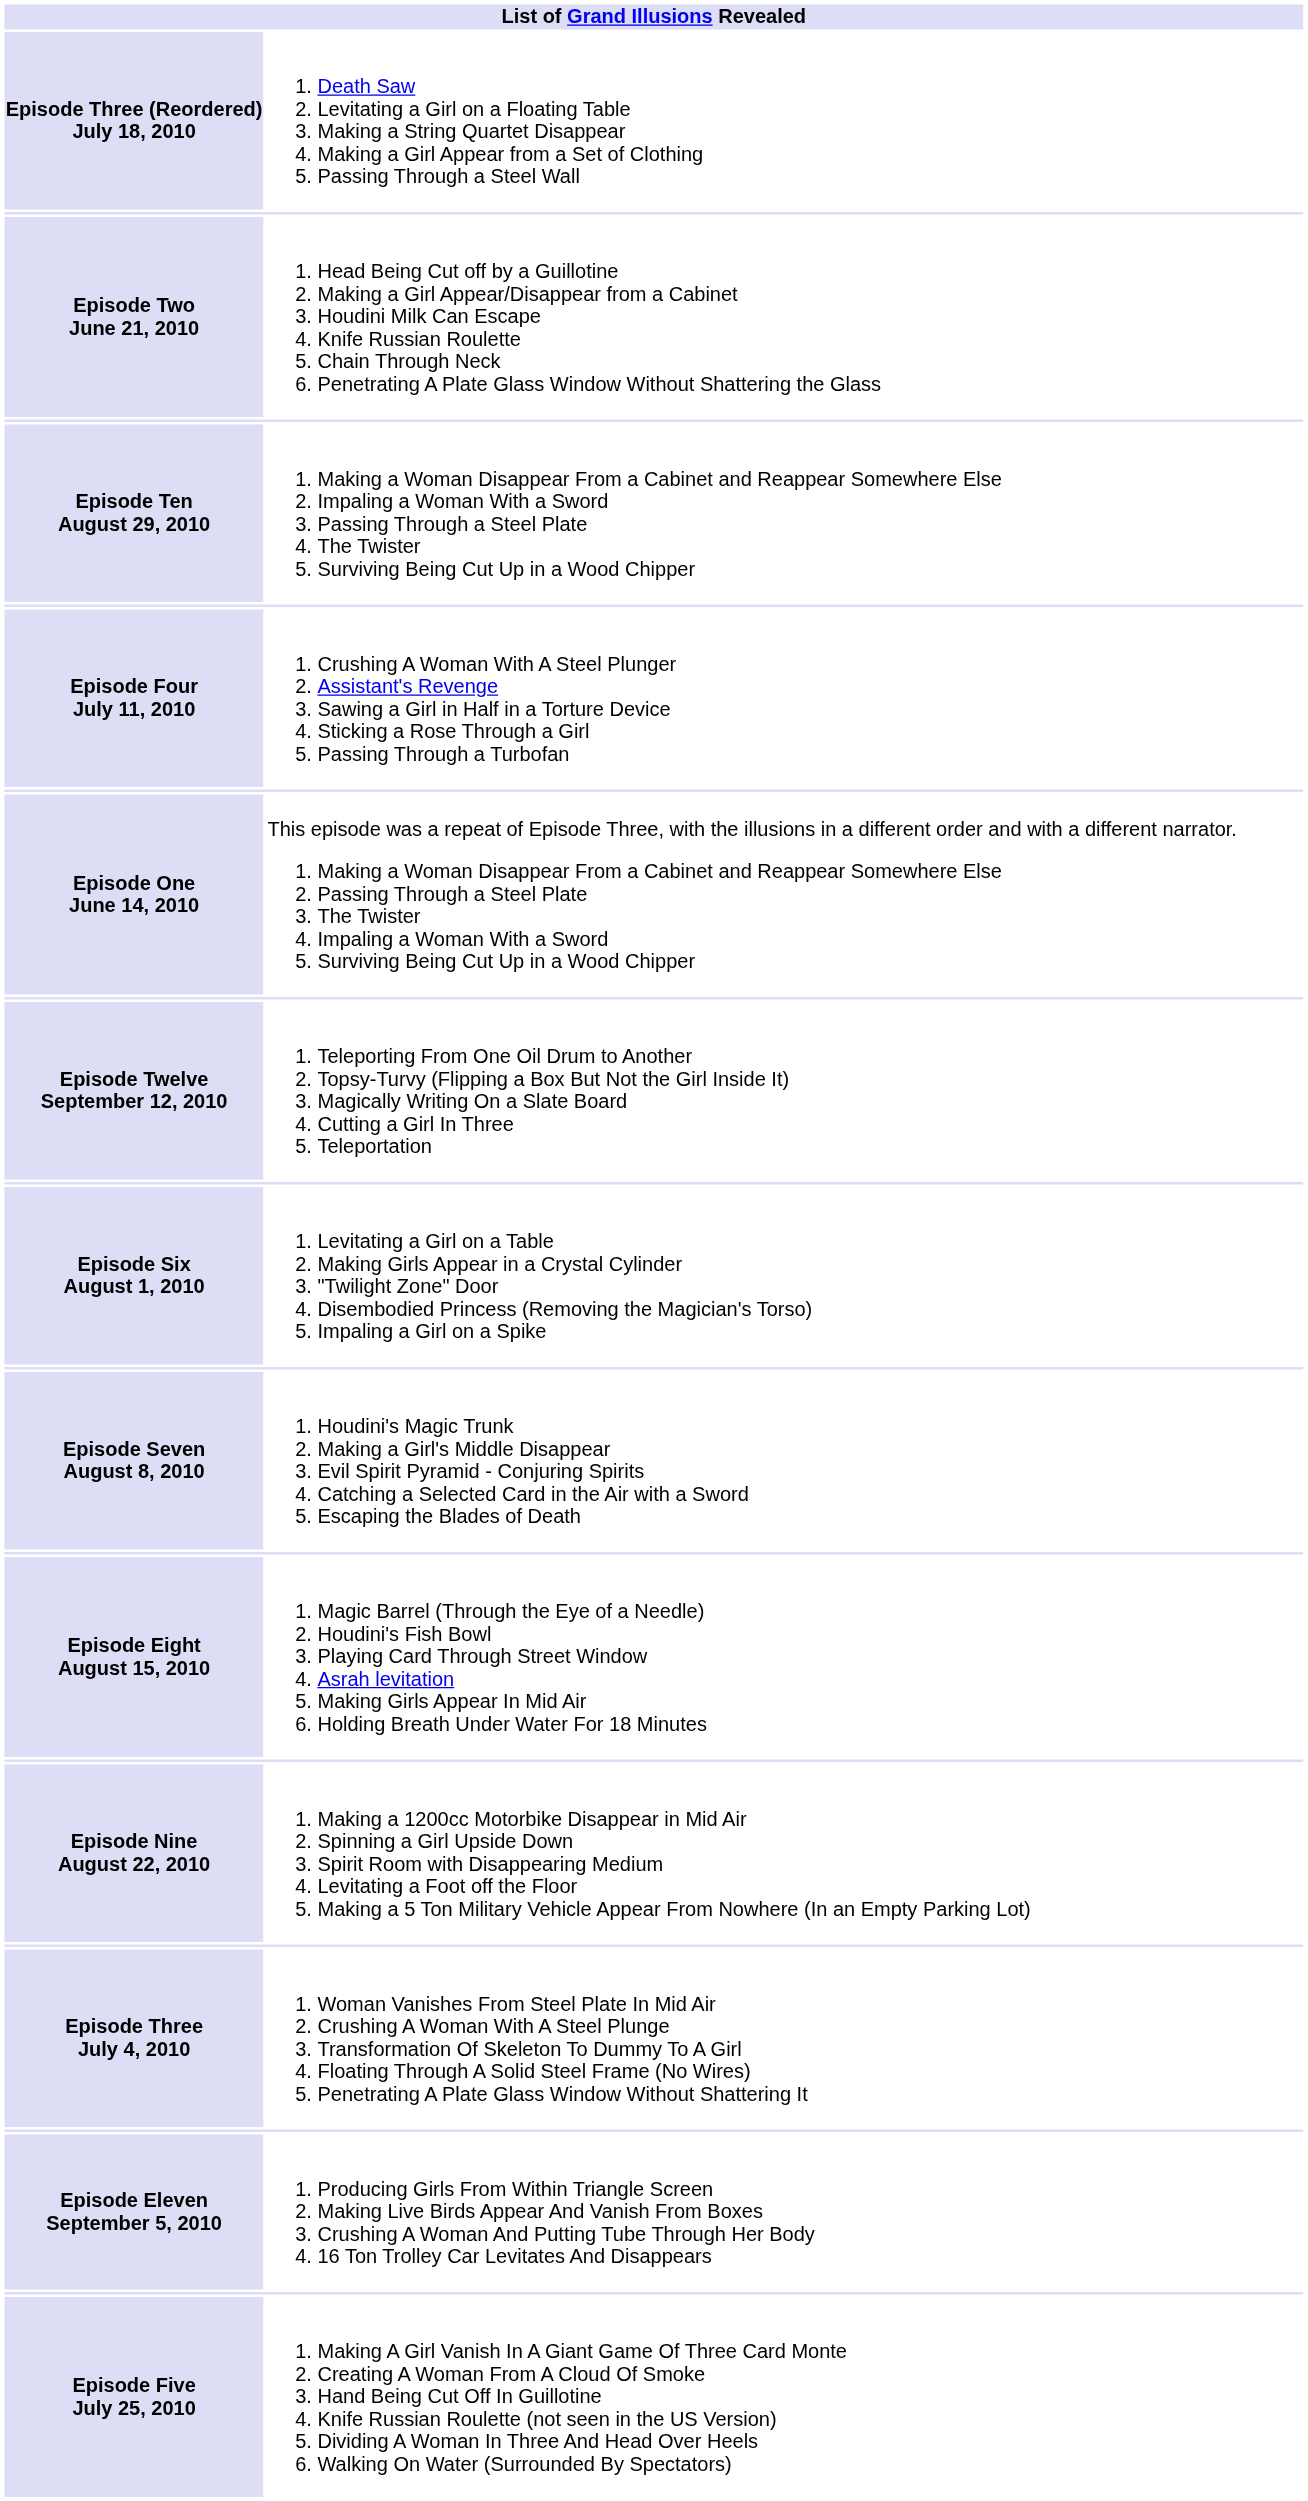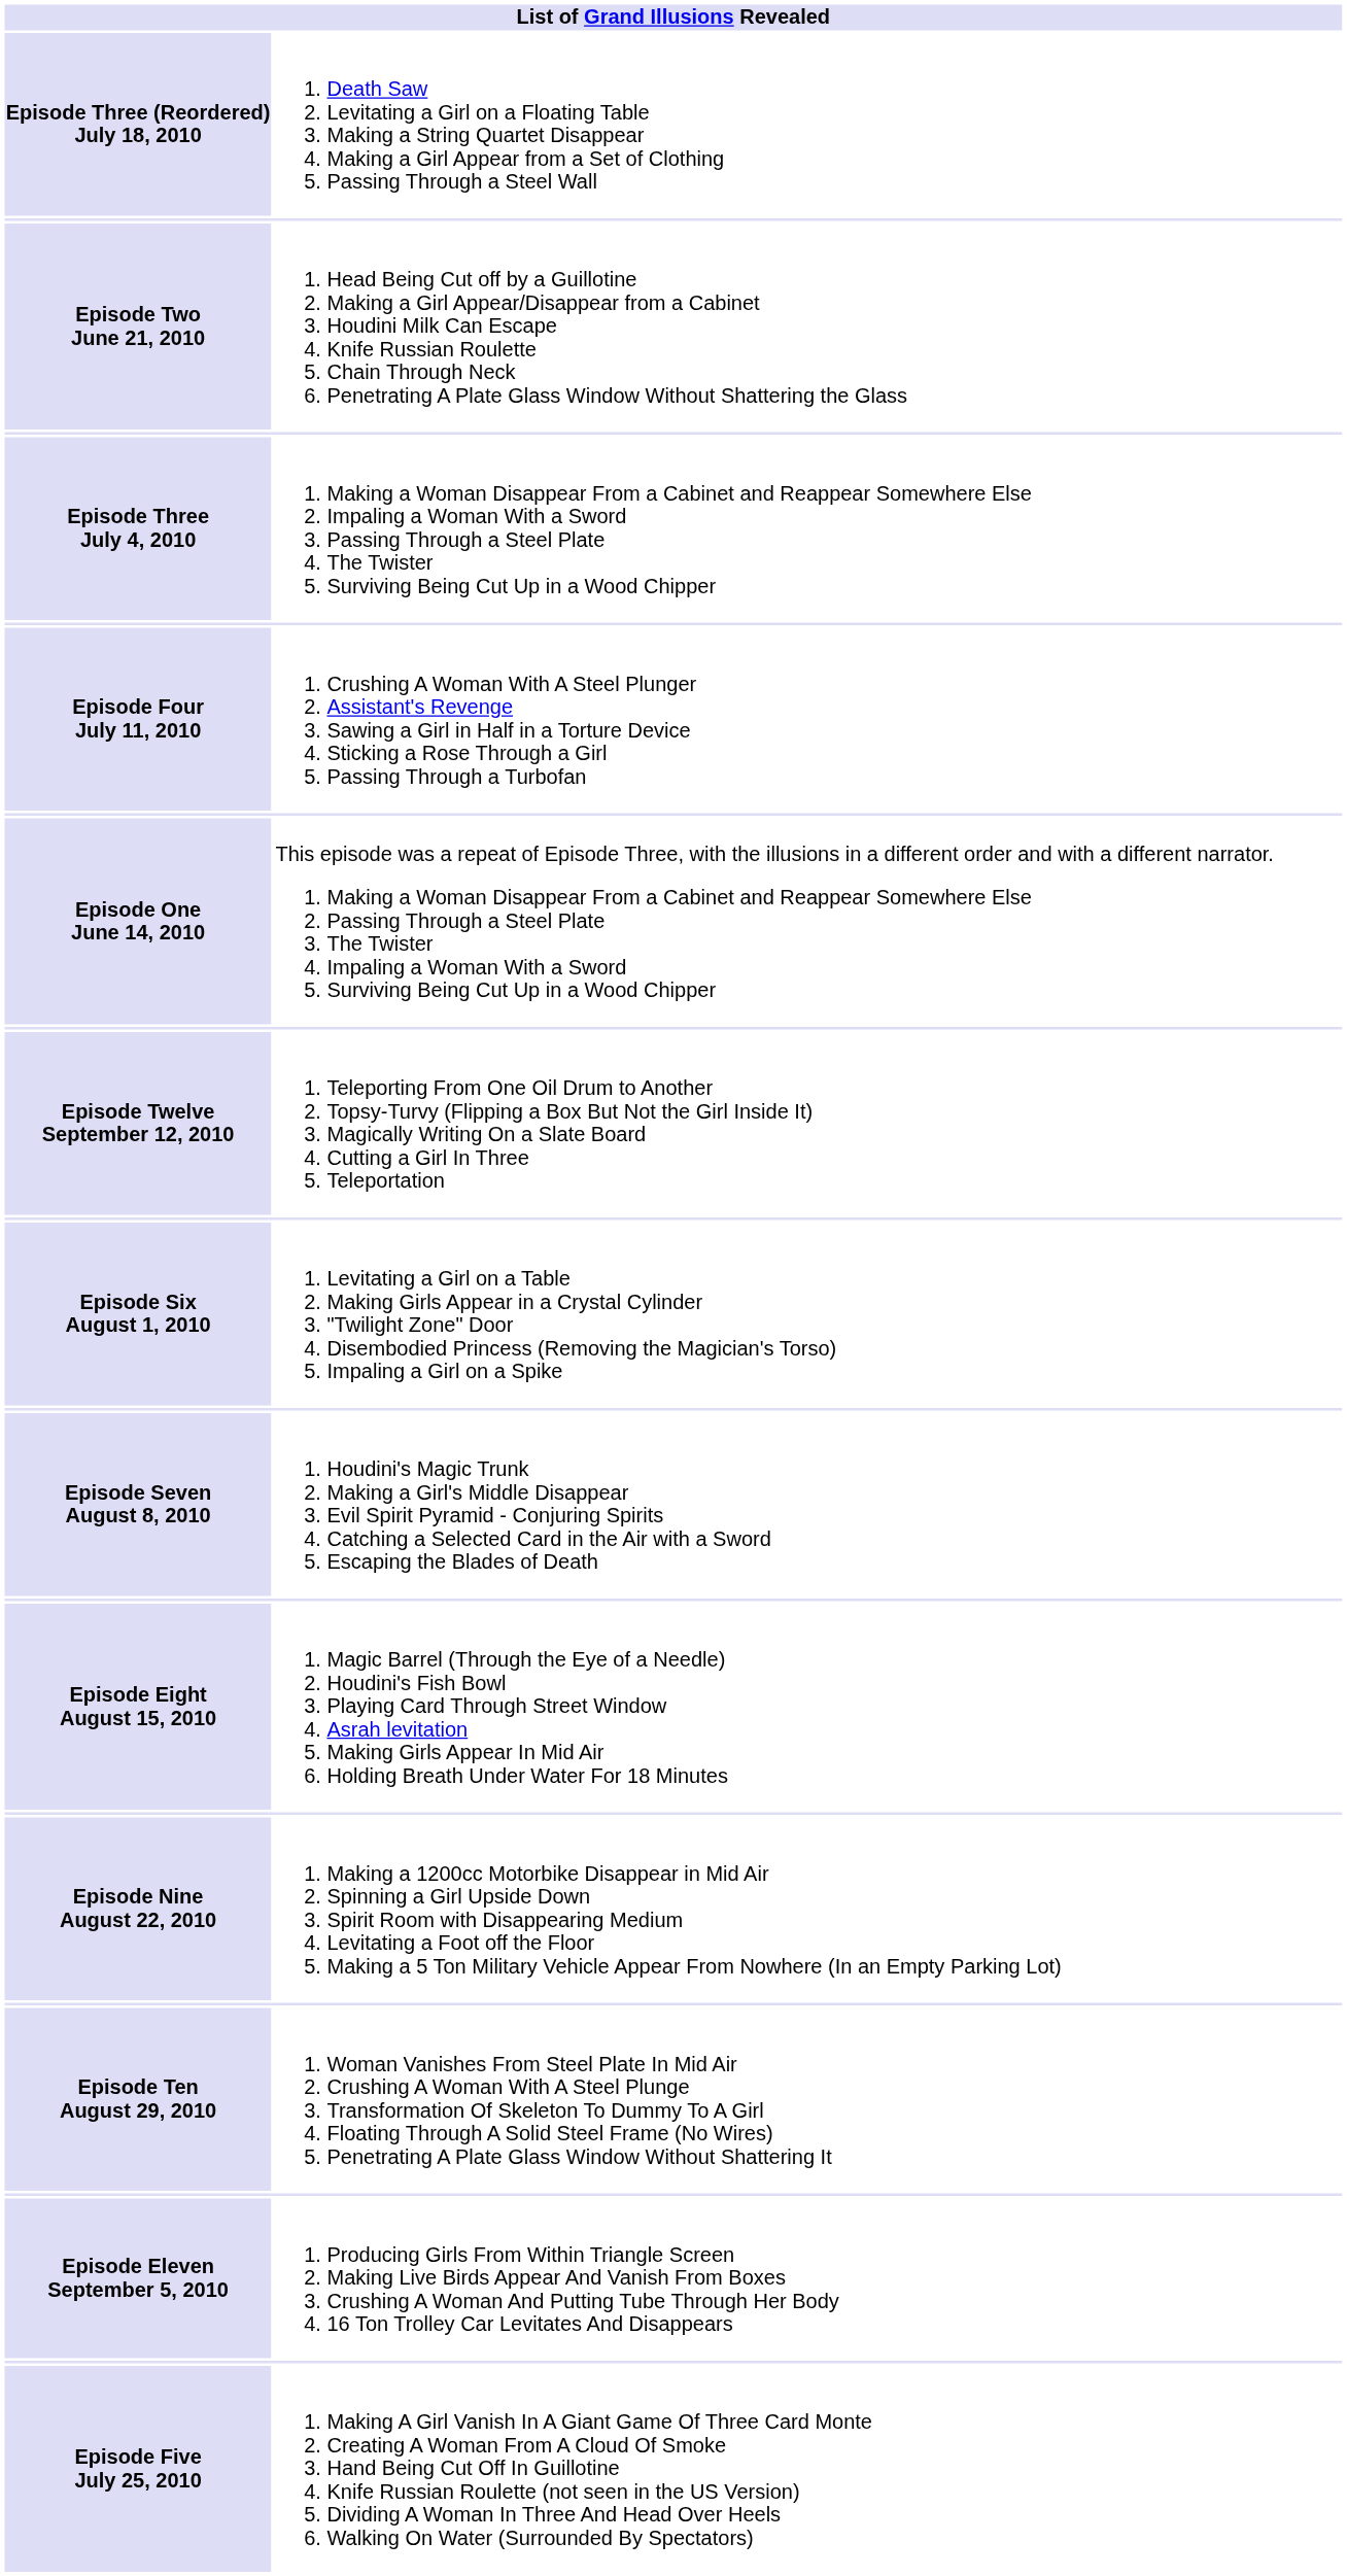 <table>
 <tr>
 <th colspan="2" bgcolor="#DDDDF6">List of <a href='#'>Grand Illusions</a> Revealed</th>
 </tr>
 <tr>
 <th bgcolor="#DDDDF6" width="20%">Episode Three (Reordered)<br> July 18, 2010</th>
 <td><br><ol><li><a href='#'>Death Saw</a></li><li>Levitating a Girl on a Floating Table</li><li>Making a String Quartet Disappear</li><li>Making a Girl Appear from a Set of Clothing</li><li>Passing Through a Steel Wall</li></ol></td>
 </tr>
 <tr>
 <td colspan="2" bgcolor="#DDDDF6"></td>
 </tr>
 <tr>
 <th bgcolor="#DDDDF6" width="20%">Episode Two <br> June 21, 2010</th>
 <td><br><ol><li>Head Being Cut off by a Guillotine</li><li>Making a Girl Appear/Disappear from a Cabinet</li><li>Houdini Milk Can Escape</li><li>Knife Russian Roulette</li><li>Chain Through Neck</li><li>Penetrating A Plate Glass Window Without Shattering the Glass</li></ol></td>
 </tr>
 <tr>
 <td colspan="2" bgcolor="#DDDDF6"></td>
 </tr>
 <tr>
-<th bgcolor="#DDDDF6" width="20%">Episode Ten<br> August 29, 2010</th>
+<th bgcolor="#DDDDF6" width="20%">Episode Three <br> July 4, 2010</th>
 <td><br><ol><li>Making a Woman Disappear From a Cabinet and Reappear Somewhere Else</li><li>Impaling a Woman With a Sword</li><li>Passing Through a Steel Plate</li><li>The Twister</li><li>Surviving Being Cut Up in a Wood Chipper</li></ol></td>
 </tr>
 <tr>
 <td colspan="2" bgcolor="#DDDDF6"></td>
 </tr>
 <tr>
 <th bgcolor="#DDDDF6" width="20%">Episode Four <br> July 11, 2010</th>
 <td><br><ol><li>Crushing A Woman With A Steel Plunger</li><li><a href='#'>Assistant's Revenge</a></li><li>Sawing a Girl in Half in a Torture Device</li><li>Sticking a Rose Through a Girl</li><li>Passing Through a Turbofan</li></ol></td>
 </tr>
 <tr>
 <td colspan="2" bgcolor="#DDDDF6"></td>
 </tr>
 <tr>
 <th bgcolor="#DDDDF6" width="20%">Episode One <br> June 14, 2010</th>
 <td><br>This episode was a repeat of Episode Three, with the illusions in a different order and with a different narrator.<ol><li>Making a Woman Disappear From a Cabinet and Reappear Somewhere Else</li><li>Passing Through a Steel Plate</li><li>The Twister</li><li>Impaling a Woman With a Sword</li><li>Surviving Being Cut Up in a Wood Chipper</li></ol></td>
 </tr>
 <tr>
 <td colspan="2" bgcolor="#DDDDF6"></td>
 </tr>
 <tr>
 <th bgcolor="#DDDDF6" width="20%">Episode Twelve<br>September 12, 2010</th>
 <td><br><ol><li>Teleporting From One Oil Drum to Another</li><li>Topsy-Turvy (Flipping a Box But Not the Girl Inside It)</li><li>Magically Writing On a Slate Board</li><li>Cutting a Girl In Three</li><li>Teleportation</li></ol></td>
 </tr>
 <tr>
 <td colspan="2" bgcolor="#DDDDF6"></td>
 </tr>
 <tr>
 <th bgcolor="#DDDDF6" width="20%">Episode Six<br>August 1, 2010</th>
 <td><br><ol><li>Levitating a Girl on a Table</li><li>Making Girls Appear in a Crystal Cylinder</li><li>"Twilight Zone" Door</li><li>Disembodied Princess (Removing the Magician's Torso)</li><li>Impaling a Girl on a Spike</li></ol></td>
 </tr>
 <tr>
 <td colspan="2" bgcolor="#DDDDF6"></td>
 </tr>
 <tr>
 <th bgcolor="#DDDDF6" width="20%">Episode Seven<br>August 8, 2010</th>
 <td><br><ol><li>Houdini's Magic Trunk</li><li>Making a Girl's Middle Disappear</li><li>Evil Spirit Pyramid - Conjuring Spirits</li><li>Catching a Selected Card in the Air with a Sword</li><li>Escaping the Blades of Death</li></ol></td>
 </tr>
 <tr>
 <td colspan="2" bgcolor="#DDDDF6"></td>
 </tr>
 <tr>
 <th bgcolor="#DDDDF6" width="20%">Episode Eight<br>August 15, 2010</th>
 <td><br><ol><li>Magic Barrel (Through the Eye of a Needle)</li><li>Houdini's Fish Bowl</li><li>Playing Card Through Street Window</li><li><a href='#'>Asrah levitation</a></li><li>Making Girls Appear In Mid Air</li><li>Holding Breath Under Water For 18 Minutes</li></ol></td>
 </tr>
 <tr>
 <td colspan="2" bgcolor="#DDDDF6"></td>
 </tr>
 <tr>
 <th bgcolor="#DDDDF6" width="20%">Episode Nine<br>August 22, 2010</th>
 <td><br><ol><li>Making a 1200cc Motorbike Disappear in Mid Air</li><li>Spinning a Girl Upside Down</li><li>Spirit Room with Disappearing Medium</li><li>Levitating a Foot off the Floor</li><li>Making a 5 Ton Military Vehicle Appear From Nowhere (In an Empty Parking Lot)</li></ol></td>
 </tr>
 <tr>
 <td colspan="2" bgcolor="#DDDDF6"></td>
 </tr>
 <tr>
-<th bgcolor="#DDDDF6" width="20%">Episode Three <br> July 4, 2010</th>
+<th bgcolor="#DDDDF6" width="20%">Episode Ten<br> August 29, 2010</th>
 <td><br><ol><li>Woman Vanishes From Steel Plate In Mid Air</li><li>Crushing A Woman With A Steel Plunge</li><li>Transformation Of Skeleton To Dummy To A Girl</li><li>Floating Through A Solid Steel Frame (No Wires)</li><li>Penetrating A Plate Glass Window Without Shattering It</li></ol></td>
 </tr>
 <tr>
 <td colspan="2" bgcolor="#DDDDF6"></td>
 </tr>
 <tr>
 <th bgcolor="#DDDDF6" width="20%">Episode Eleven<br>September 5, 2010</th>
 <td><br><ol><li>Producing Girls From Within Triangle Screen</li><li>Making Live Birds Appear And Vanish From Boxes</li><li>Crushing A Woman And Putting Tube Through Her Body</li><li>16 Ton Trolley Car Levitates And Disappears</li></ol></td>
 </tr>
 <tr>
 <td colspan="2" bgcolor="#DDDDF6"></td>
 </tr>
 <tr>
 <th bgcolor="#DDDDF6" width="20%">Episode Five<br> July 25, 2010</th>
 <td><br><ol><li>Making A Girl Vanish In A Giant Game Of Three Card Monte</li><li>Creating A Woman From A Cloud Of Smoke</li><li>Hand Being Cut Off In Guillotine</li><li>Knife Russian Roulette (not seen in the US Version)</li><li>Dividing A Woman In Three And Head Over Heels</li><li>Walking On Water (Surrounded By Spectators)</li></ol></td>
 </tr>
 </table>
